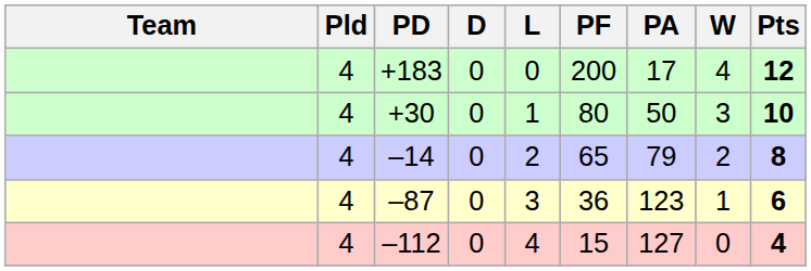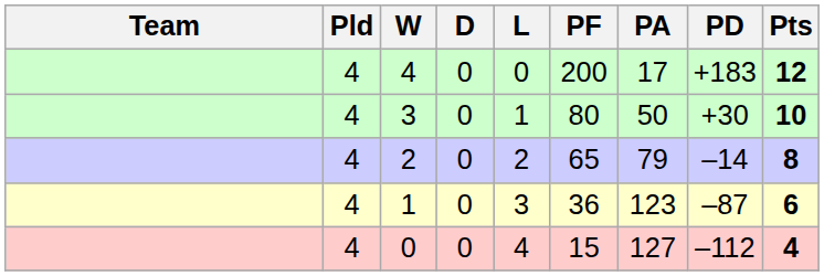 <table class="wikitable" style="text-align:center;">
 <tr>
 <th width=175>Team</th>
 <th width=25 abbr="Played">Pld</th>
-<th width=32 abbr="Points difference">PD</th>
+<th width=25 abbr="Won">W</th>
 <th width=25 abbr="Drawn">D</th>
 <th width=25 abbr="Lost">L</th>
 <th width=32 abbr="Points for">PF</th>
 <th width=32 abbr="Points against">PA</th>
-<th width=25 abbr="Won">W</th>
+<th width=32 abbr="Points difference">PD</th>
 <th width=25 abbr="Points">Pts</th>
 </tr>
 <tr bgcolor=ccffcc>
 <td align=left></td>
 <td>4</td>
-<td>+183</td>
+<td>4</td>
 <td>0</td>
 <td>0</td>
 <td>200</td>
 <td>17</td>
-<td>4</td>
+<td>+183</td>
 <td><strong>12</strong></td>
 </tr>
 <tr bgcolor=ccffcc>
 <td align=left></td>
 <td>4</td>
-<td>+30</td>
+<td>3</td>
 <td>0</td>
 <td>1</td>
 <td>80</td>
 <td>50</td>
-<td>3</td>
+<td>+30</td>
 <td><strong>10</strong></td>
 </tr>
 <tr bgcolor=ccccff>
 <td align=left></td>
 <td>4</td>
-<td>–14</td>
+<td>2</td>
 <td>0</td>
 <td>2</td>
 <td>65</td>
 <td>79</td>
-<td>2</td>
+<td>–14</td>
 <td><strong>8</strong></td>
 </tr>
 <tr bgcolor=ffffcc>
 <td align=left></td>
 <td>4</td>
-<td>–87</td>
+<td>1</td>
 <td>0</td>
 <td>3</td>
 <td>36</td>
 <td>123</td>
-<td>1</td>
+<td>–87</td>
 <td><strong>6</strong></td>
 </tr>
 <tr bgcolor=ffcccc>
 <td align=left></td>
 <td>4</td>
-<td>–112</td>
+<td>0</td>
 <td>0</td>
 <td>4</td>
 <td>15</td>
 <td>127</td>
-<td>0</td>
+<td>–112</td>
 <td><strong>4</strong></td>
 </tr>
 </table>
